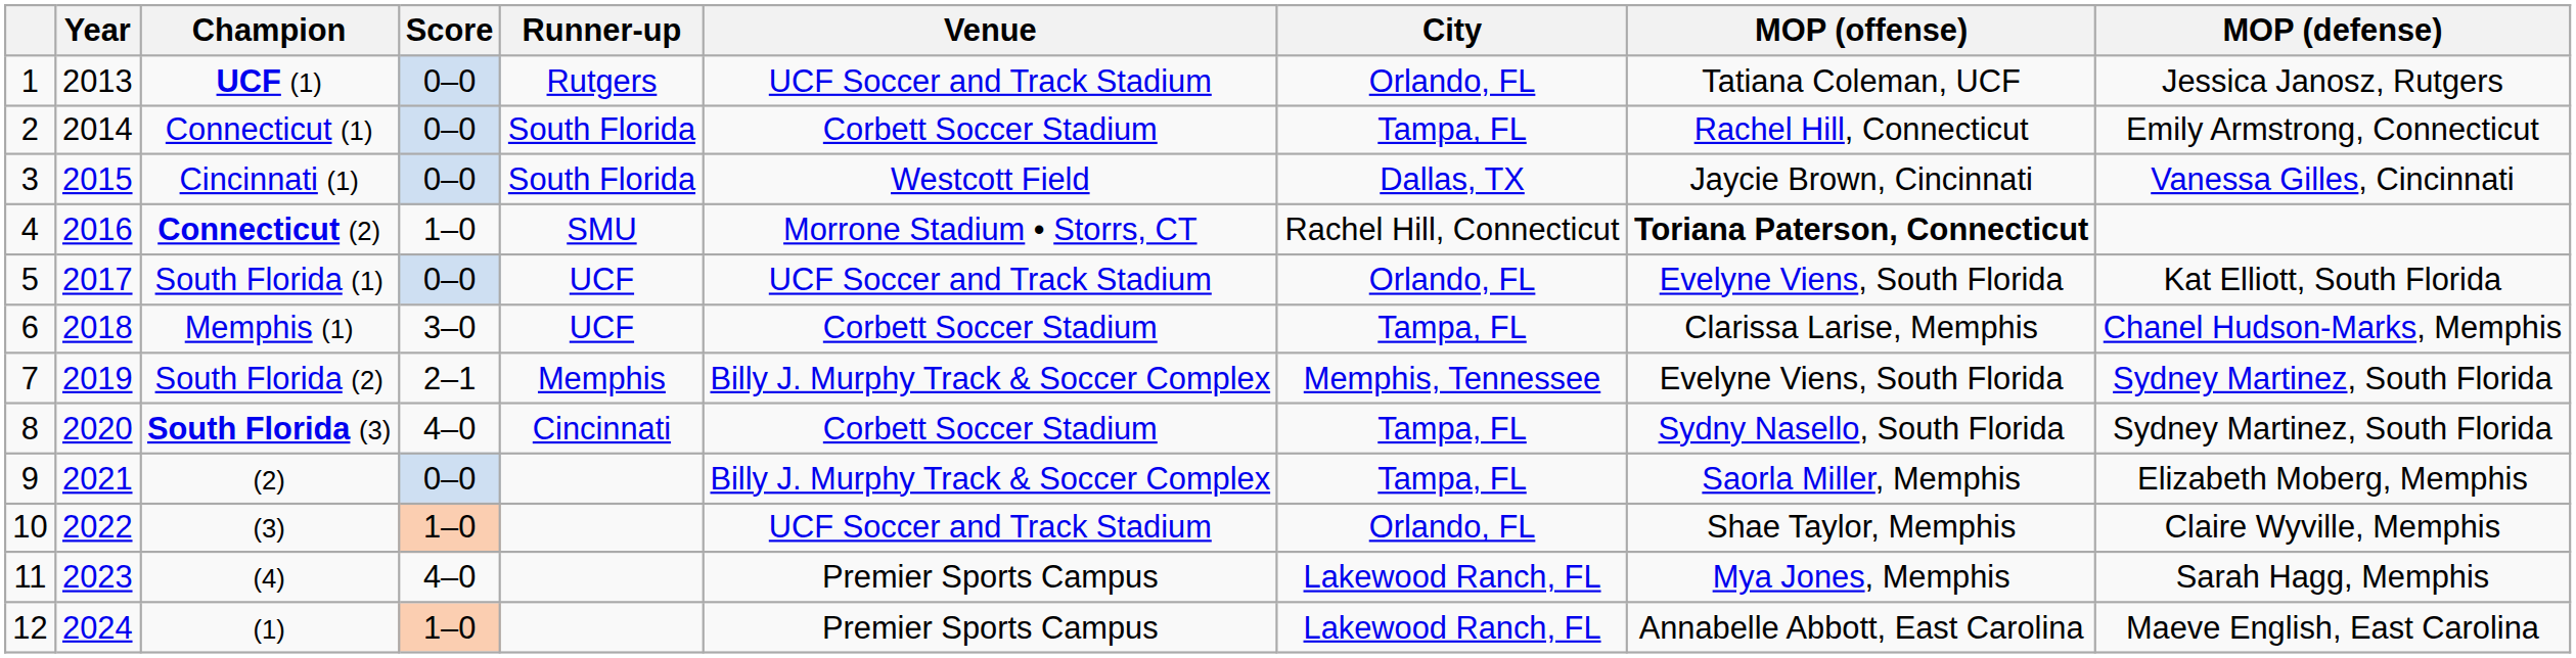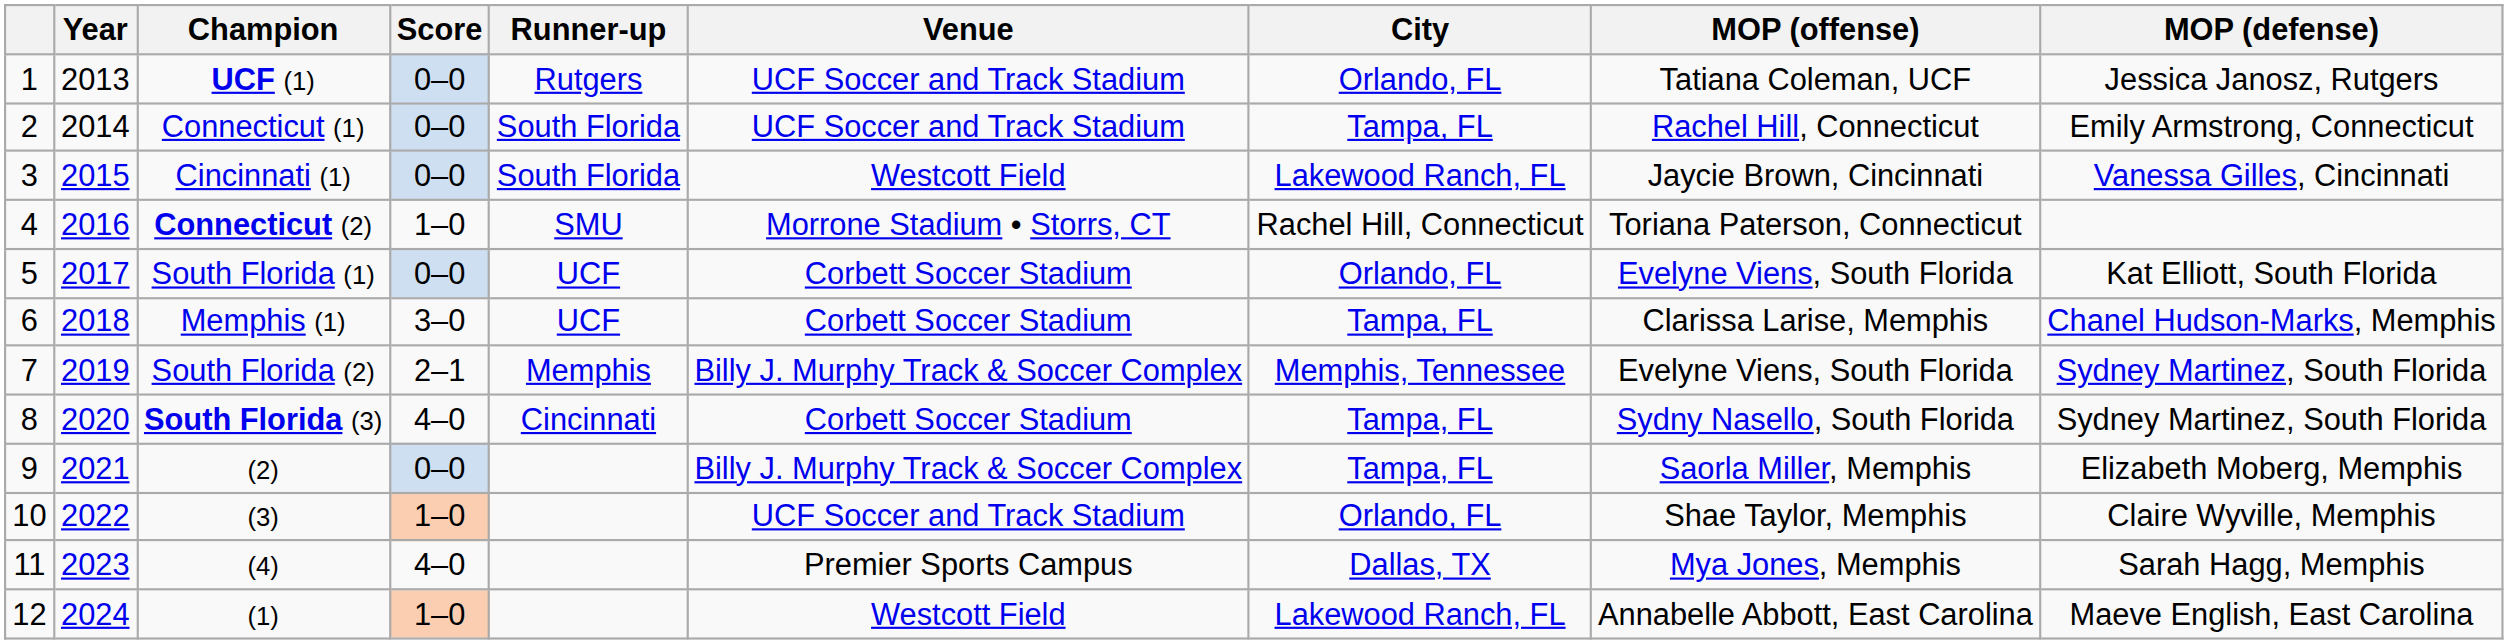 <table class="wikitable sortable" style="text-align:center; font-size:90% ">
 <tr>
 <th width=px></th>
 <th width=px>Year</th>
 <th width=px>Champion</th>
 <th width=px>Score</th>
 <th width=px>Runner-up</th>
 <th width=px>Venue</th>
 <th width=px>City</th>
 <th width=px>MOP (offense)</th>
 <th width=px>MOP (defense)</th>
 </tr>
 <tr>
 <td>1</td>
 <td>2013</td>
 <td><strong><a href='#'>UCF</a></strong> <small>(1)</small></td>
 <td style="background-color:#cedff2">0–0 </td>
 <td><a href='#'>Rutgers</a></td>
 <td><a href='#'>UCF Soccer and Track Stadium</a></td>
 <td><a href='#'>Orlando, FL</a></td>
 <td>Tatiana Coleman, UCF</td>
 <td>Jessica Janosz, Rutgers</td>
 </tr>
 <tr>
 <td>2</td>
 <td>2014</td>
 <td><a href='#'>Connecticut</a> <small>(1)</small></td>
 <td style="background-color:#cedff2">0–0 </td>
 <td><a href='#'>South Florida</a></td>
-<td><a href='#'>Corbett Soccer Stadium</a></td>
+<td><a href='#'>UCF Soccer and Track Stadium</a></td>
 <td><a href='#'>Tampa, FL</a></td>
 <td><a href='#'>Rachel Hill</a>, Connecticut</td>
 <td>Emily Armstrong, Connecticut</td>
 </tr>
 <tr>
 <td>3</td>
 <td><a href='#'>2015</a></td>
 <td><a href='#'>Cincinnati</a> <small>(1)</small></td>
 <td style="background-color:#cedff2">0–0 </td>
 <td><a href='#'>South Florida</a></td>
 <td><a href='#'>Westcott Field</a></td>
-<td><a href='#'>Dallas, TX</a></td>
+<td><a href='#'>Lakewood Ranch, FL</a></td>
 <td>Jaycie Brown, Cincinnati</td>
 <td><a href='#'>Vanessa Gilles</a>, Cincinnati</td>
 </tr>
 <tr>
 <td>4</td>
 <td><a href='#'>2016</a></td>
 <td><strong><a href='#'>Connecticut</a></strong> <small>(2)</small></td>
 <td>1–0</td>
 <td><a href='#'>SMU</a></td>
 <td><a href='#'>Morrone Stadium</a> • <a href='#'>Storrs, CT</a></td>
 <td>Rachel Hill, Connecticut</td>
-<td><strong>Toriana Paterson, Connecticut</strong></td>
+<td>Toriana Paterson, Connecticut</td>
 </tr>
 <tr>
 <td>5</td>
 <td><a href='#'>2017</a></td>
 <td><a href='#'>South Florida</a> <small>(1)</small></td>
 <td style="background-color:#cedff2">0–0 </td>
 <td><a href='#'>UCF</a></td>
-<td><a href='#'>UCF Soccer and Track Stadium</a></td>
+<td><a href='#'>Corbett Soccer Stadium</a></td>
 <td><a href='#'>Orlando, FL</a></td>
 <td><a href='#'>Evelyne Viens</a>, South Florida</td>
 <td>Kat Elliott, South Florida</td>
 </tr>
 <tr>
 <td>6</td>
 <td><a href='#'>2018</a></td>
 <td><a href='#'>Memphis</a> <small>(1)</small></td>
 <td>3–0</td>
 <td><a href='#'>UCF</a></td>
 <td><a href='#'>Corbett Soccer Stadium</a></td>
 <td><a href='#'>Tampa, FL</a></td>
 <td>Clarissa Larise, Memphis</td>
 <td><a href='#'>Chanel Hudson-Marks</a>, Memphis</td>
 </tr>
 <tr>
 <td>7</td>
 <td><a href='#'>2019</a></td>
 <td><a href='#'>South Florida</a> <small>(2)</small></td>
 <td>2–1</td>
 <td><a href='#'>Memphis</a></td>
 <td><a href='#'>Billy J. Murphy Track & Soccer Complex</a></td>
 <td><a href='#'>Memphis, Tennessee</a></td>
 <td>Evelyne Viens, South Florida</td>
 <td><a href='#'>Sydney Martinez</a>, South Florida</td>
 </tr>
 <tr>
 <td>8</td>
 <td><a href='#'>2020</a></td>
 <td><strong><a href='#'>South Florida</a></strong> <small>(3)</small></td>
 <td>4–0</td>
 <td><a href='#'>Cincinnati</a></td>
 <td><a href='#'>Corbett Soccer Stadium</a></td>
 <td><a href='#'>Tampa, FL</a></td>
 <td><a href='#'>Sydny Nasello</a>, South Florida</td>
 <td>Sydney Martinez, South Florida</td>
 </tr>
 <tr>
 <td>9</td>
 <td><a href='#'>2021</a></td>
 <td> <small>(2)</small></td>
 <td style="background-color:#cedff2">0–0 </td>
 <td></td>
 <td><a href='#'>Billy J. Murphy Track & Soccer Complex</a></td>
 <td><a href='#'>Tampa, FL</a></td>
 <td><a href='#'>Saorla Miller</a>, Memphis</td>
 <td>Elizabeth Moberg, Memphis</td>
 </tr>
 <tr>
 <td>10</td>
 <td><a href='#'>2022</a></td>
 <td> <small>(3)</small></td>
 <td style="background-color:#FBCEB1">1–0 </td>
 <td></td>
 <td><a href='#'>UCF Soccer and Track Stadium</a></td>
 <td><a href='#'>Orlando, FL</a></td>
 <td>Shae Taylor, Memphis</td>
 <td>Claire Wyville, Memphis</td>
 </tr>
 <tr>
 <td>11</td>
 <td><a href='#'>2023</a></td>
 <td><strong></strong> <small>(4)</small></td>
 <td>4–0</td>
 <td></td>
 <td>Premier Sports Campus</td>
-<td><a href='#'>Lakewood Ranch, FL</a></td>
+<td><a href='#'>Dallas, TX</a></td>
 <td><a href='#'>Mya Jones</a>, Memphis</td>
 <td>Sarah Hagg, Memphis</td>
 </tr>
 <tr>
 <td>12</td>
 <td><a href='#'>2024</a></td>
 <td><strong></strong> <small>(1)</small></td>
 <td style="background-color:#FBCEB1">1–0 </td>
 <td></td>
-<td>Premier Sports Campus</td>
+<td><a href='#'>Westcott Field</a></td>
 <td><a href='#'>Lakewood Ranch, FL</a></td>
 <td>Annabelle Abbott, East Carolina</td>
 <td>Maeve English, East Carolina</td>
 </tr>
 </table>
